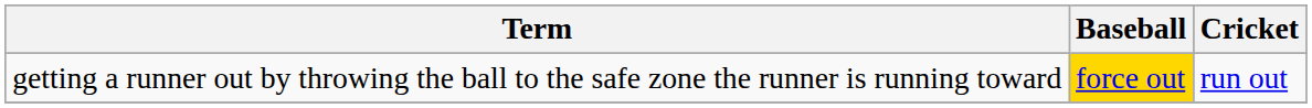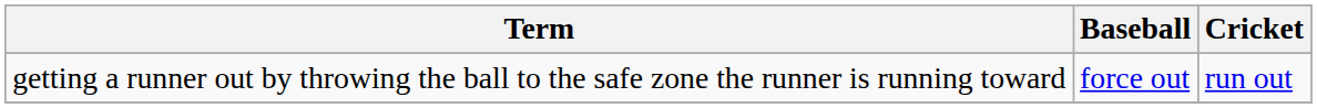 <table class=wikitable>
 <tr valign="top">
 <th>Term</th>
 <th>Baseball</th>
 <th>Cricket</th>
 </tr>
 <tr valign="top">
 <td>getting a runner out by throwing the ball to the safe zone the runner is running toward</td>
-<td style="background: gold;"><a href='#'>force out</a></td>
+<td><a href='#'>force out</a></td>
 <td><a href='#'>run out</a></td>
 </tr>
 <tr valign="top">
 </tr>
 </table>
